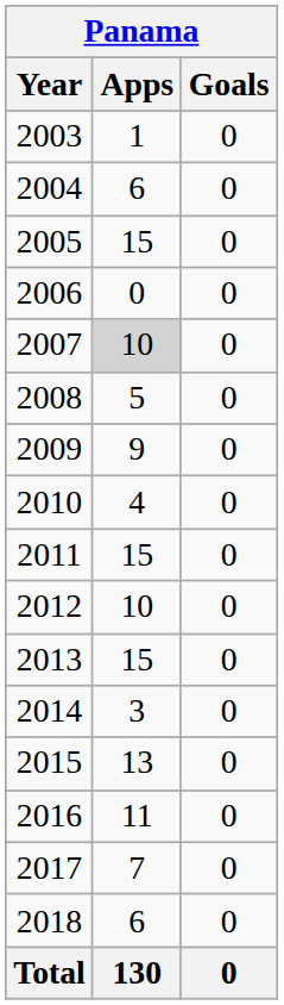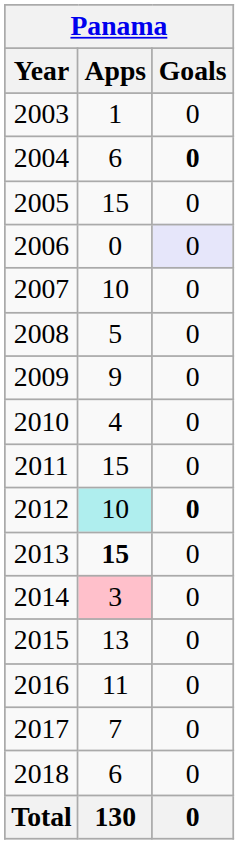 <table class="wikitable" style="text-align:center">
 <tr>
 <th colspan=3><a href='#'>Panama</a></th>
 </tr>
 <tr>
 <th>Year</th>
 <th>Apps</th>
 <th>Goals</th>
 </tr>
 <tr>
 <td>2003</td>
 <td>1</td>
 <td>0</td>
 </tr>
 <tr>
 <td>2004</td>
 <td>6</td>
-<td>0</td>
+<td><strong>0</strong></td>
 </tr>
 <tr>
 <td>2005</td>
 <td>15</td>
 <td>0</td>
 </tr>
 <tr>
 <td>2006</td>
 <td>0</td>
-<td>0</td>
+<td style="background: lavender;">0</td>
 </tr>
 <tr>
 <td>2007</td>
-<td style="background: lightgrey;">10</td>
+<td>10</td>
 <td>0</td>
 </tr>
 <tr>
 <td>2008</td>
 <td>5</td>
 <td>0</td>
 </tr>
 <tr>
 <td>2009</td>
 <td>9</td>
 <td>0</td>
 </tr>
 <tr>
 <td>2010</td>
 <td>4</td>
 <td>0</td>
 </tr>
 <tr>
 <td>2011</td>
 <td>15</td>
 <td>0</td>
 </tr>
 <tr>
 <td>2012</td>
-<td>10</td>
-<td>0</td>
+<td style="background: paleturquoise;">10</td>
+<td><strong>0</strong></td>
 </tr>
 <tr>
 <td>2013</td>
-<td>15</td>
+<td><strong>15</strong></td>
 <td>0</td>
 </tr>
 <tr>
 <td>2014</td>
-<td>3</td>
+<td style="background: pink;">3</td>
 <td>0</td>
 </tr>
 <tr>
 <td>2015</td>
 <td>13</td>
 <td>0</td>
 </tr>
 <tr>
 <td>2016</td>
 <td>11</td>
 <td>0</td>
 </tr>
 <tr>
 <td>2017</td>
 <td>7</td>
 <td>0</td>
 </tr>
 <tr>
 <td>2018</td>
 <td>6</td>
 <td>0</td>
 </tr>
 <tr>
 <th>Total</th>
 <th>130</th>
 <th>0</th>
 </tr>
 </table>
